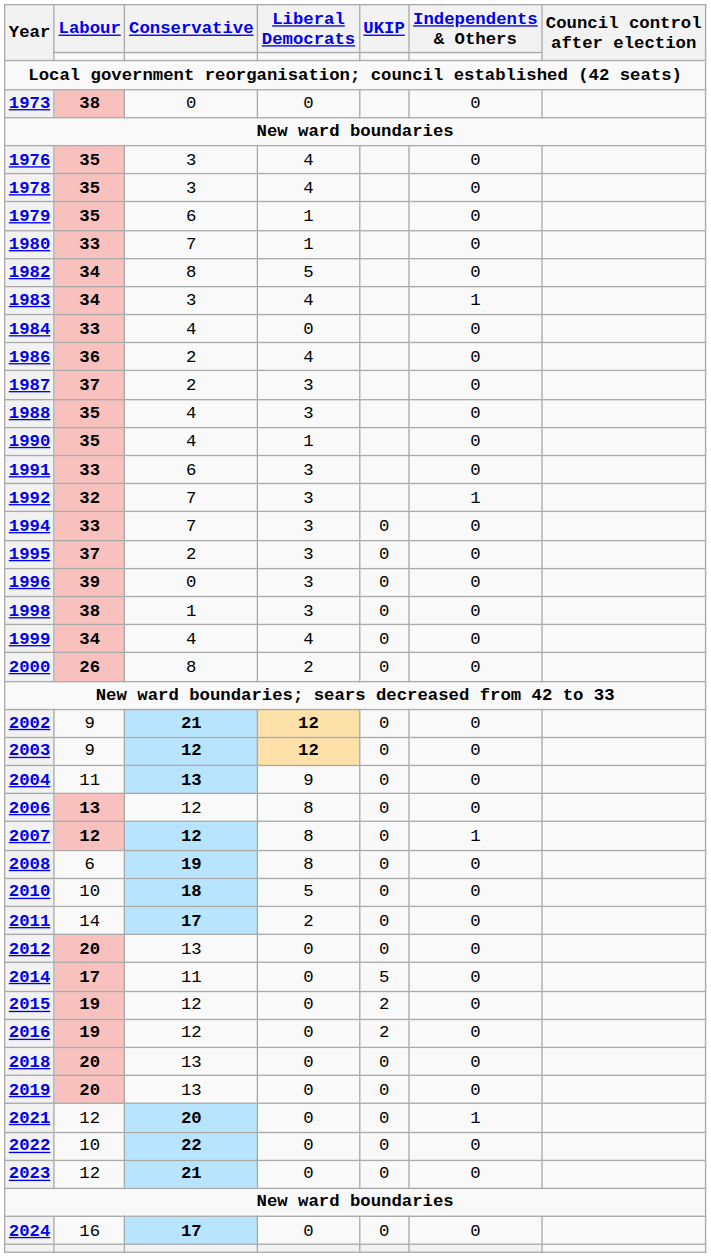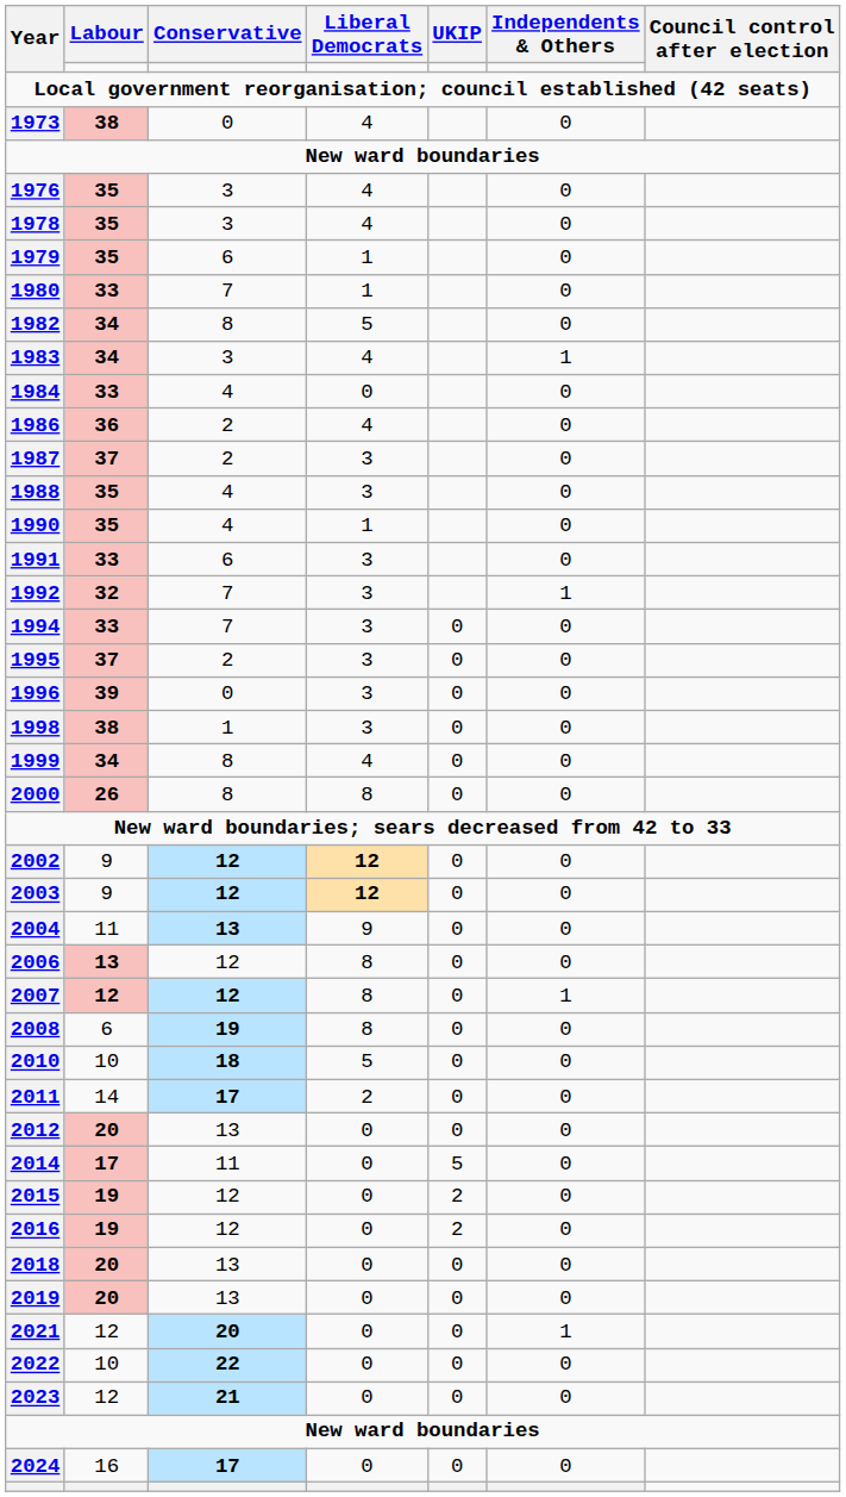 <table class="wikitable plainrowheaders" style="text-align:center">
 <tr>
 <th scope="col" rowspan="2">Year</th>
 <th scope="col"><a href='#'>Labour</a></th>
 <th scope="col"><a href='#'>Conservative</a></th>
 <th scope="col" style="width:1px"><a href='#'>Liberal Democrats</a></th>
 <th scope="col"><a href='#'>UKIP</a></th>
 <th scope="col"><a href='#'>Independents</a><br>& Others</th>
 <th scope="col" rowspan="2" colspan="2">Council control<br>after election</th>
 </tr>
 <tr>
 <td style="background:"></td>
 <td style="background:"></td>
 <td style="background:"></td>
 <td style="background:"></td>
 <td style="background:"></td>
 </tr>
 <tr>
 <td colspan="9"><strong>Local government reorganisation; council established (42 seats)</strong></td>
 </tr>
 <tr>
 <th scope="row"><a href='#'>1973</a></th>
 <td style="background:#F8C1BE;"><strong>38</strong></td>
 <td>0</td>
-<td>0</td>
+<td>4</td>
 <td></td>
 <td>0</td>
 <td></td>
 </tr>
 <tr>
 <td colspan="9"><strong>New ward boundaries</strong></td>
 </tr>
 <tr>
 <th scope="row"><a href='#'>1976</a></th>
 <td style="background:#F8C1BE;"><strong>35</strong></td>
 <td>3</td>
 <td>4</td>
 <td></td>
 <td>0</td>
 <td></td>
 </tr>
 <tr>
 <th scope="row"><a href='#'>1978</a></th>
 <td style="background:#F8C1BE;"><strong>35</strong></td>
 <td>3</td>
 <td>4</td>
 <td></td>
 <td>0</td>
 <td></td>
 </tr>
 <tr>
 <th scope="row"><a href='#'>1979</a></th>
 <td style="background:#F8C1BE;"><strong>35</strong></td>
 <td>6</td>
 <td>1</td>
 <td></td>
 <td>0</td>
 <td></td>
 </tr>
 <tr>
 <th scope="row"><a href='#'>1980</a></th>
 <td style="background:#F8C1BE;"><strong>33</strong></td>
 <td>7</td>
 <td>1</td>
 <td></td>
 <td>0</td>
 <td></td>
 </tr>
 <tr>
 <th scope="row"><a href='#'>1982</a></th>
 <td style="background:#F8C1BE;"><strong>34</strong></td>
 <td>8</td>
 <td>5</td>
 <td></td>
 <td>0</td>
 <td></td>
 </tr>
 <tr>
 <th scope="row"><a href='#'>1983</a></th>
 <td style="background:#F8C1BE;"><strong>34</strong></td>
 <td>3</td>
 <td>4</td>
 <td></td>
 <td>1</td>
 <td></td>
 </tr>
 <tr>
 <th scope="row"><a href='#'>1984</a></th>
 <td style="background:#F8C1BE;"><strong>33</strong></td>
 <td>4</td>
 <td>0</td>
 <td></td>
 <td>0</td>
 <td></td>
 </tr>
 <tr>
 <th scope="row"><a href='#'>1986</a></th>
 <td style="background:#F8C1BE;"><strong>36</strong></td>
 <td>2</td>
 <td>4</td>
 <td></td>
 <td>0</td>
 <td></td>
 </tr>
 <tr>
 <th scope="row"><a href='#'>1987</a></th>
 <td style="background:#F8C1BE;"><strong>37</strong></td>
 <td>2</td>
 <td>3</td>
 <td></td>
 <td>0</td>
 <td></td>
 </tr>
 <tr>
 <th scope="row"><a href='#'>1988</a></th>
 <td style="background:#F8C1BE;"><strong>35</strong></td>
 <td>4</td>
 <td>3</td>
 <td></td>
 <td>0</td>
 <td></td>
 </tr>
 <tr>
 <th scope="row"><a href='#'>1990</a></th>
 <td style="background:#F8C1BE;"><strong>35</strong></td>
 <td>4</td>
 <td>1</td>
 <td></td>
 <td>0</td>
 <td></td>
 </tr>
 <tr>
 <th scope="row"><a href='#'>1991</a></th>
 <td style="background:#F8C1BE;"><strong>33</strong></td>
 <td>6</td>
 <td>3</td>
 <td></td>
 <td>0</td>
 <td></td>
 </tr>
 <tr>
 <th scope="row"><a href='#'>1992</a></th>
 <td style="background:#F8C1BE;"><strong>32</strong></td>
 <td>7</td>
 <td>3</td>
 <td></td>
 <td>1</td>
 <td></td>
 </tr>
 <tr>
 <th scope="row"><a href='#'>1994</a></th>
 <td style="background:#F8C1BE;"><strong>33</strong></td>
 <td>7</td>
 <td>3</td>
 <td>0</td>
 <td>0</td>
 <td></td>
 </tr>
 <tr>
 <th scope="row"><a href='#'>1995</a></th>
 <td style="background:#F8C1BE;"><strong>37</strong></td>
 <td>2</td>
 <td>3</td>
 <td>0</td>
 <td>0</td>
 <td></td>
 </tr>
 <tr>
 <th scope="row"><a href='#'>1996</a></th>
 <td style="background:#F8C1BE;"><strong>39</strong></td>
 <td>0</td>
 <td>3</td>
 <td>0</td>
 <td>0</td>
 <td></td>
 </tr>
 <tr>
 <th scope="row"><a href='#'>1998</a></th>
 <td style="background:#F8C1BE;"><strong>38</strong></td>
 <td>1</td>
 <td>3</td>
 <td>0</td>
 <td>0</td>
 <td></td>
 </tr>
 <tr>
 <th scope="row"><a href='#'>1999</a></th>
 <td style="background:#F8C1BE;"><strong>34</strong></td>
-<td>4</td>
+<td>8</td>
 <td>4</td>
 <td>0</td>
 <td>0</td>
 <td></td>
 </tr>
 <tr>
 <th scope="row"><a href='#'>2000</a></th>
 <td style="background:#F8C1BE;"><strong>26</strong></td>
 <td>8</td>
-<td>2</td>
+<td>8</td>
 <td>0</td>
 <td>0</td>
 <td></td>
 </tr>
 <tr>
 <td colspan="9"><strong>New ward boundaries; sears decreased from 42 to 33</strong></td>
 </tr>
 <tr>
 <th scope="row"><a href='#'>2002</a></th>
 <td>9</td>
-<td style="background:#B9E4FF;"><strong>21</strong></td>
+<td style="background:#B9E4FF;"><strong>12</strong></td>
 <td style="background:#FEE1A8"><strong>12</strong></td>
 <td>0</td>
 <td>0</td>
 <td></td>
 </tr>
 <tr>
 <th scope="row"><a href='#'>2003</a></th>
 <td>9</td>
 <td style="background:#B9E4FF;"><strong>12</strong></td>
 <td style="background:#FEE1A8"><strong>12</strong></td>
 <td>0</td>
 <td>0</td>
 <td></td>
 </tr>
 <tr>
 <th scope="row"><a href='#'>2004</a></th>
 <td>11</td>
 <td style="background:#B9E4FF;"><strong>13</strong></td>
 <td>9</td>
 <td>0</td>
 <td>0</td>
 <td></td>
 </tr>
 <tr>
 <th scope="row"><a href='#'>2006</a></th>
 <td style="background:#F8C1BE;"><strong>13</strong></td>
 <td>12</td>
 <td>8</td>
 <td>0</td>
 <td>0</td>
 <td></td>
 </tr>
 <tr>
 <th scope="row"><a href='#'>2007</a></th>
 <td style="background:#F8C1BE;"><strong>12</strong></td>
 <td style="background:#B9E4FF;"><strong>12</strong></td>
 <td>8</td>
 <td>0</td>
 <td>1</td>
 <td></td>
 </tr>
 <tr>
 <th scope="row"><a href='#'>2008</a></th>
 <td>6</td>
 <td style="background:#B9E4FF;"><strong>19</strong></td>
 <td>8</td>
 <td>0</td>
 <td>0</td>
 <td></td>
 </tr>
 <tr>
 <th scope="row"><a href='#'>2010</a></th>
 <td>10</td>
 <td style="background:#B9E4FF;"><strong>18</strong></td>
 <td>5</td>
 <td>0</td>
 <td>0</td>
 <td></td>
 </tr>
 <tr>
 <th scope="row"><a href='#'>2011</a></th>
 <td>14</td>
 <td style="background:#B9E4FF;"><strong>17</strong></td>
 <td>2</td>
 <td>0</td>
 <td>0</td>
 <td></td>
 </tr>
 <tr>
 <th scope="row"><a href='#'>2012</a></th>
 <td style="background:#F8C1BE;"><strong>20</strong></td>
 <td>13</td>
 <td>0</td>
 <td>0</td>
 <td>0</td>
 <td></td>
 </tr>
 <tr>
 <th scope="row"><a href='#'>2014</a></th>
 <td style="background:#F8C1BE;"><strong>17</strong></td>
 <td>11</td>
 <td>0</td>
 <td>5</td>
 <td>0</td>
 <td></td>
 </tr>
 <tr>
 <th scope="row"><a href='#'>2015</a></th>
 <td style="background:#F8C1BE;"><strong>19</strong></td>
 <td>12</td>
 <td>0</td>
 <td>2</td>
 <td>0</td>
 <td></td>
 </tr>
 <tr>
 <th scope="row"><a href='#'>2016</a></th>
 <td style="background:#F8C1BE;"><strong>19</strong></td>
 <td>12</td>
 <td>0</td>
 <td>2</td>
 <td>0</td>
 <td></td>
 </tr>
 <tr>
 <th scope="row"><a href='#'>2018</a></th>
 <td style="background:#F8C1BE;"><strong>20</strong></td>
 <td>13</td>
 <td>0</td>
 <td>0</td>
 <td>0</td>
 <td></td>
 </tr>
 <tr>
 <th scope="row"><a href='#'>2019</a></th>
 <td style="background:#F8C1BE;"><strong>20</strong></td>
 <td>13</td>
 <td>0</td>
 <td>0</td>
 <td>0</td>
 <td></td>
 </tr>
 <tr>
 <th scope="row"><a href='#'>2021</a></th>
 <td>12</td>
 <td style="background:#B9E4FF;"><strong>20</strong></td>
 <td>0</td>
 <td>0</td>
 <td>1</td>
 <td></td>
 </tr>
 <tr>
 <th scope="row"><a href='#'>2022</a></th>
 <td>10</td>
 <td style="background:#B9E4FF;"><strong>22</strong></td>
 <td>0</td>
 <td>0</td>
 <td>0</td>
 <td></td>
 </tr>
 <tr>
 <th scope="row"><a href='#'>2023</a></th>
 <td>12</td>
 <td style="background:#B9E4FF;"><strong>21</strong></td>
 <td>0</td>
 <td>0</td>
 <td>0</td>
 <td></td>
 </tr>
 <tr>
 <td colspan="9"><strong>New ward boundaries</strong></td>
 </tr>
 <tr>
 <th scope="row"><a href='#'>2024</a></th>
 <td>16</td>
 <td style="background:#B9E4FF;"><strong>17</strong></td>
 <td>0</td>
 <td>0</td>
 <td>0</td>
 <td></td>
 </tr>
 <tr>
 <th></th>
 <th style="background-color: "></th>
 <th style="background-color: "></th>
 <th style="background-color: "></th>
 <th style="background-color: "></th>
 <th style="background-color: "></th>
 </tr>
 </table>
